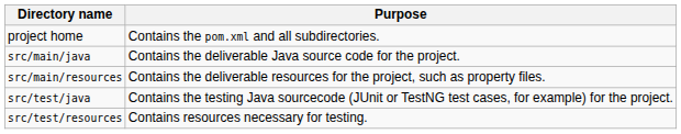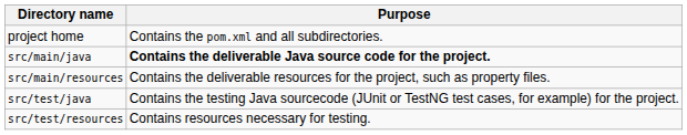 <table class="wikitable">
 <tr>
 <th>Directory name</th>
 <th>Purpose</th>
 </tr>
 <tr>
 <td>project home</td>
 <td>Contains the <code>pom.xml</code> and all subdirectories.</td>
 </tr>
 <tr>
 <td><code>src/main/java</code></td>
-<td>Contains the deliverable Java source code for the project.</td>
+<td><strong>Contains the deliverable Java source code for the project.</strong></td>
 </tr>
 <tr>
 <td><code>src/main/resources</code></td>
 <td>Contains the deliverable resources for the project, such as property files.</td>
 </tr>
 <tr>
 <td><code>src/test/java</code></td>
 <td>Contains the testing Java sourcecode (JUnit or TestNG test cases, for example) for the project.</td>
 </tr>
 <tr>
 <td><code>src/test/resources</code></td>
 <td>Contains resources necessary for testing.</td>
 </tr>
 </table>
